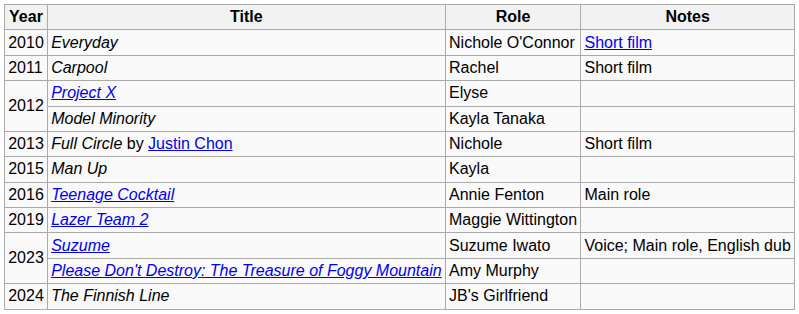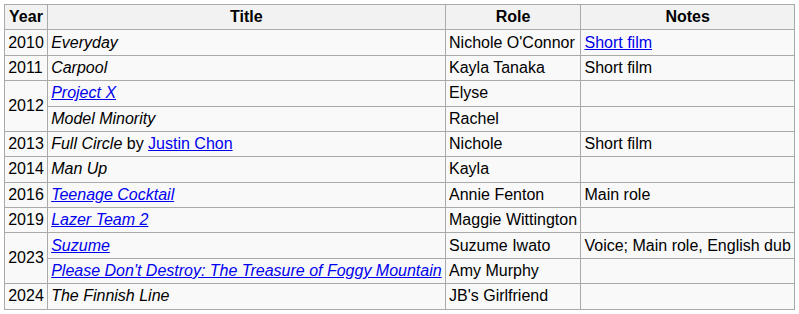 <table class="wikitable sortable">
 <tr>
 <th>Year</th>
 <th>Title</th>
 <th>Role</th>
 <th class="unsortable">Notes</th>
 </tr>
 <tr>
 <td>2010</td>
 <td><em>Everyday</em></td>
 <td>Nichole O'Connor</td>
 <td><a href='#'>Short film</a></td>
 </tr>
 <tr>
 <td>2011</td>
 <td><em>Carpool</em></td>
-<td>Rachel</td>
+<td>Kayla Tanaka</td>
 <td>Short film</td>
 </tr>
 <tr>
 <td rowspan="2">2012</td>
 <td><em><a href='#'>Project X</a></em></td>
 <td>Elyse</td>
 <td></td>
 </tr>
 <tr>
 <td><em>Model Minority</em></td>
-<td>Kayla Tanaka</td>
+<td>Rachel</td>
 <td></td>
 </tr>
 <tr>
 <td>2013</td>
 <td><em>Full Circle</em> by <a href='#'>Justin Chon</a></td>
 <td>Nichole</td>
 <td>Short film</td>
 </tr>
 <tr>
-<td>2015</td>
+<td>2014</td>
 <td><em>Man Up</em></td>
 <td>Kayla</td>
 <td></td>
 </tr>
 <tr>
 <td>2016</td>
 <td><em><a href='#'>Teenage Cocktail</a></em></td>
 <td>Annie Fenton</td>
 <td>Main role</td>
 </tr>
 <tr>
 <td>2019</td>
 <td><em><a href='#'>Lazer Team 2</a></em></td>
 <td>Maggie Wittington</td>
 <td></td>
 </tr>
 <tr>
 <td rowspan="2”">2023</td>
 <td><em><a href='#'>Suzume</a></em></td>
 <td>Suzume Iwato</td>
 <td>Voice; Main role, English dub</td>
 </tr>
 <tr>
 <td><em><a href='#'>Please Don't Destroy: The Treasure of Foggy Mountain</a></em></td>
 <td>Amy Murphy</td>
 <td></td>
 </tr>
 <tr>
 <td>2024</td>
 <td><em>The Finnish Line</em></td>
 <td>JB's Girlfriend</td>
 <td></td>
 </tr>
 </table>
